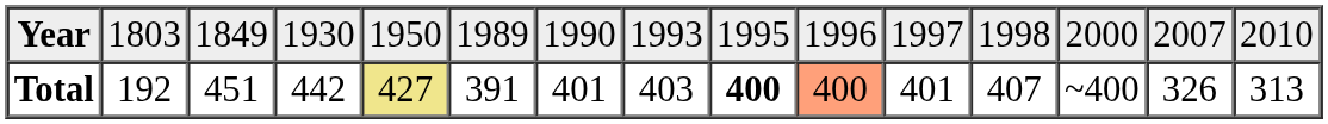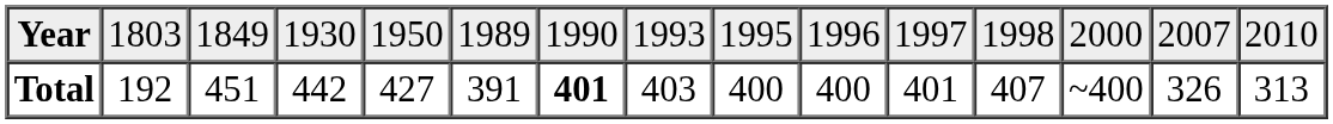 <table border="1" cellpadding="2" cellspacing="0" width="500">
 <tr bgcolor="#eeeeee" align="center">
 <td><strong>Year</strong></td>
 <td>1803</td>
 <td>1849</td>
 <td>1930</td>
 <td>1950</td>
 <td>1989</td>
 <td>1990</td>
 <td>1993</td>
 <td>1995</td>
 <td>1996</td>
 <td>1997</td>
 <td>1998</td>
 <td>2000</td>
 <td>2007</td>
 <td>2010</td>
 </tr>
 <tr align="center">
 <td><strong>Total</strong></td>
 <td>192</td>
 <td>451</td>
 <td>442</td>
-<td style="background: khaki;">427</td>
+<td>427</td>
 <td>391</td>
-<td>401</td>
+<td><strong>401</strong></td>
 <td>403</td>
-<td><strong>400</strong></td>
-<td style="background: lightsalmon;">400</td>
+<td>400</td>
+<td>400</td>
 <td>401</td>
 <td>407</td>
 <td>~400</td>
 <td>326</td>
 <td>313</td>
 </tr>
 </table>
